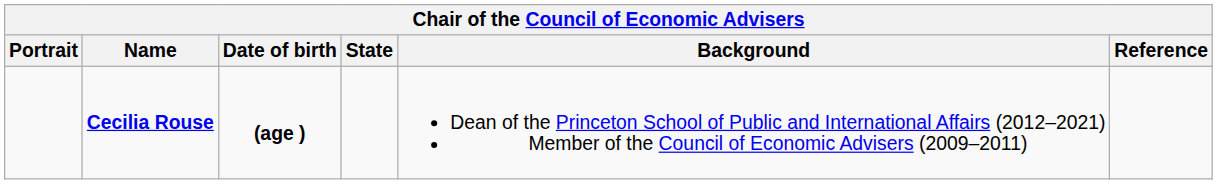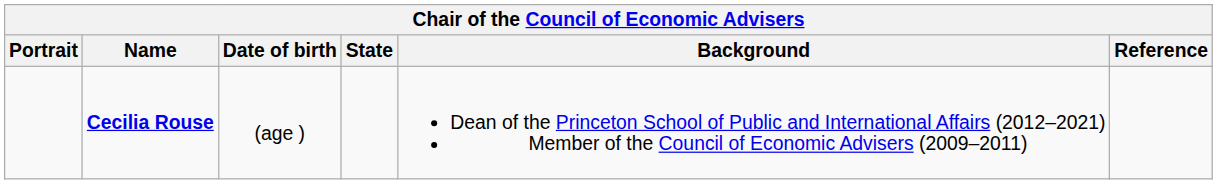 <table class="wikitable collapsible" style="text-align:center;">
 <tr>
 <th colspan="6">Chair of the <a href='#'>Council of Economic Advisers</a></th>
 </tr>
 <tr>
 <th>Portrait</th>
 <th>Name</th>
 <th>Date of birth</th>
 <th>State</th>
 <th>Background</th>
 <th>Reference</th>
 </tr>
 <tr>
 <td></td>
 <td><strong><a href='#'>Cecilia Rouse</a></strong></td>
-<td><strong><br>(age )</strong></td>
+<td><br>(age )</td>
 <td></td>
 <td><br><ul><li>Dean of the <a href='#'>Princeton School of Public and International Affairs</a> (2012–2021)</li><li>Member of the <a href='#'>Council of Economic Advisers</a> (2009–2011)</li></ul></td>
 <td></td>
 </tr>
 </table>
